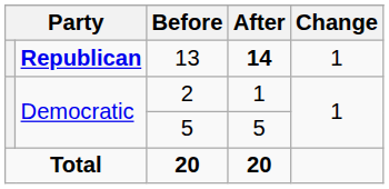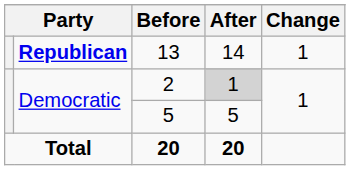 <table class="wikitable" style="text-align:center;">
 <tr>
 </tr>
 <tr>
 <th colspan=2>Party</th>
 <th>Before</th>
 <th>After</th>
 <th>Change</th>
 </tr>
 <tr>
 <th style="background-color:"></th>
 <td style="text-align:left;"><strong><a href='#'>Republican</a></strong></td>
 <td>13</td>
-<td><strong>14</strong></td>
+<td>14</td>
 <td> 1</td>
 </tr>
 <tr>
 <th rowspan=2 style="background-color:"></th>
 <td rowspan=2 style="text-align:left;"><a href='#'>Democratic</a></td>
 <td>2</td>
-<td>1</td>
+<td style="background: lightgrey;">1</td>
 <td rowspan=2> 1</td>
 </tr>
 <tr>
 <td>5</td>
 <td>5</td>
 </tr>
 <tr>
 <td colspan=2><strong>Total</strong></td>
 <td><strong>20</strong></td>
 <td><strong>20</strong></td>
 <td></td>
 </tr>
 </table>
